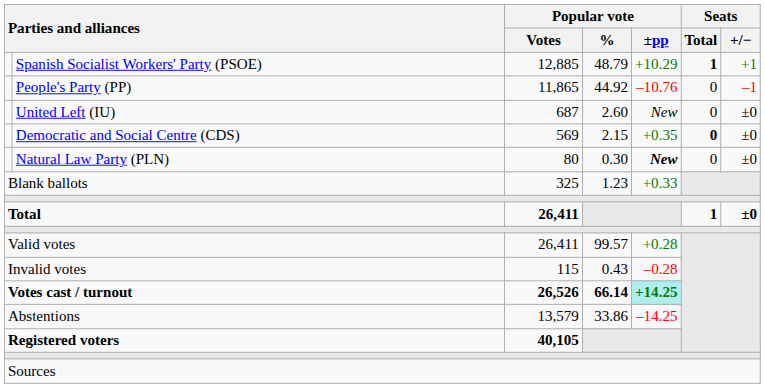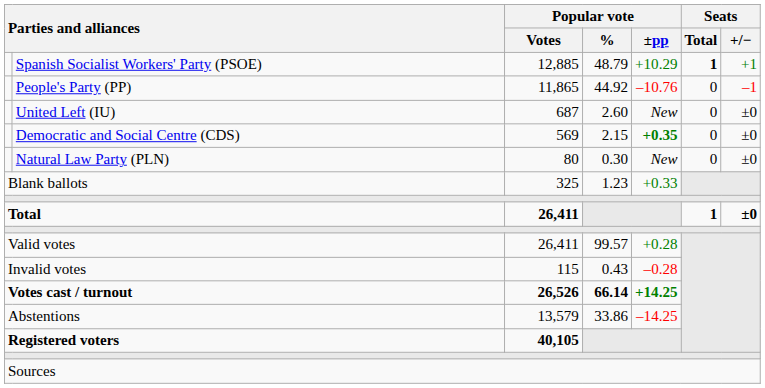 <table class="wikitable" style="text-align:right;">
 <tr>
 <th style="text-align:left;" rowspan="2" colspan="2" width="525">Parties and alliances</th>
 <th colspan="3">Popular vote</th>
 <th colspan="2">Seats</th>
 </tr>
 <tr>
 <th width="75">Votes</th>
 <th width="45">%</th>
 <th width="45">±<a href='#'>pp</a></th>
 <th width="35">Total</th>
 <th width="35">+/−</th>
 </tr>
 <tr>
 <td width="1" style="color:inherit;background:"></td>
 <td align="left"><a href='#'>Spanish Socialist Workers' Party</a> (PSOE)</td>
 <td>12,885</td>
 <td>48.79</td>
 <td style="color:green;">+10.29</td>
 <td><strong>1</strong></td>
 <td style="color:green;">+1</td>
 </tr>
 <tr>
 <td style="color:inherit;background:"></td>
 <td align="left"><a href='#'>People's Party</a> (PP)</td>
 <td>11,865</td>
 <td>44.92</td>
 <td style="color:red;">–10.76</td>
 <td>0</td>
 <td style="color:red;">–1</td>
 </tr>
 <tr>
 <td style="color:inherit;background:"></td>
 <td align="left"><a href='#'>United Left</a> (IU)</td>
 <td>687</td>
 <td>2.60</td>
 <td><em>New</em></td>
 <td>0</td>
 <td>±0</td>
 </tr>
 <tr>
 <td style="color:inherit;background:"></td>
 <td align="left"><a href='#'>Democratic and Social Centre</a> (CDS)</td>
 <td>569</td>
 <td>2.15</td>
-<td style="color:green;">+0.35</td>
-<td><strong>0</strong></td>
+<td style="color:green;"><strong>+0.35</strong></td>
+<td>0</td>
 <td>±0</td>
 </tr>
 <tr>
 <td style="color:inherit;background:"></td>
 <td align="left"><a href='#'>Natural Law Party</a> (PLN)</td>
 <td>80</td>
 <td>0.30</td>
-<td><strong><em>New</em></strong></td>
+<td><em>New</em></td>
 <td>0</td>
 <td>±0</td>
 </tr>
 <tr>
 <td align="left" colspan="2">Blank ballots</td>
 <td>325</td>
 <td>1.23</td>
 <td style="color:green;">+0.33</td>
 <td bgcolor="#E9E9E9" colspan="2"></td>
 </tr>
 <tr>
 <td colspan="7" bgcolor="#E9E9E9"></td>
 </tr>
 <tr style="font-weight:bold;">
 <td align="left" colspan="2">Total</td>
 <td>26,411</td>
 <td bgcolor="#E9E9E9" colspan="2"></td>
 <td>1</td>
 <td>±0</td>
 </tr>
 <tr>
 <td colspan="7" bgcolor="#E9E9E9"></td>
 </tr>
 <tr>
 <td align="left" colspan="2">Valid votes</td>
 <td>26,411</td>
 <td>99.57</td>
 <td style="color:green;">+0.28</td>
 <td bgcolor="#E9E9E9" colspan="2" rowspan="5"></td>
 </tr>
 <tr>
 <td align="left" colspan="2">Invalid votes</td>
 <td>115</td>
 <td>0.43</td>
 <td style="color:red;">–0.28</td>
 </tr>
 <tr style="font-weight:bold;">
 <td align="left" colspan="2">Votes cast / turnout</td>
 <td>26,526</td>
 <td>66.14</td>
-<td style="background: paleturquoise; color:green;">+14.25</td>
+<td style="color:green;">+14.25</td>
 </tr>
 <tr>
 <td align="left" colspan="2">Abstentions</td>
 <td>13,579</td>
 <td>33.86</td>
 <td style="color:red;">–14.25</td>
 </tr>
 <tr style="font-weight:bold;">
 <td align="left" colspan="2">Registered voters</td>
 <td>40,105</td>
 <td bgcolor="#E9E9E9" colspan="2"></td>
 </tr>
 <tr>
 <td colspan="7" bgcolor="#E9E9E9"></td>
 </tr>
 <tr>
 <td align="left" colspan="7">Sources</td>
 </tr>
 </table>
